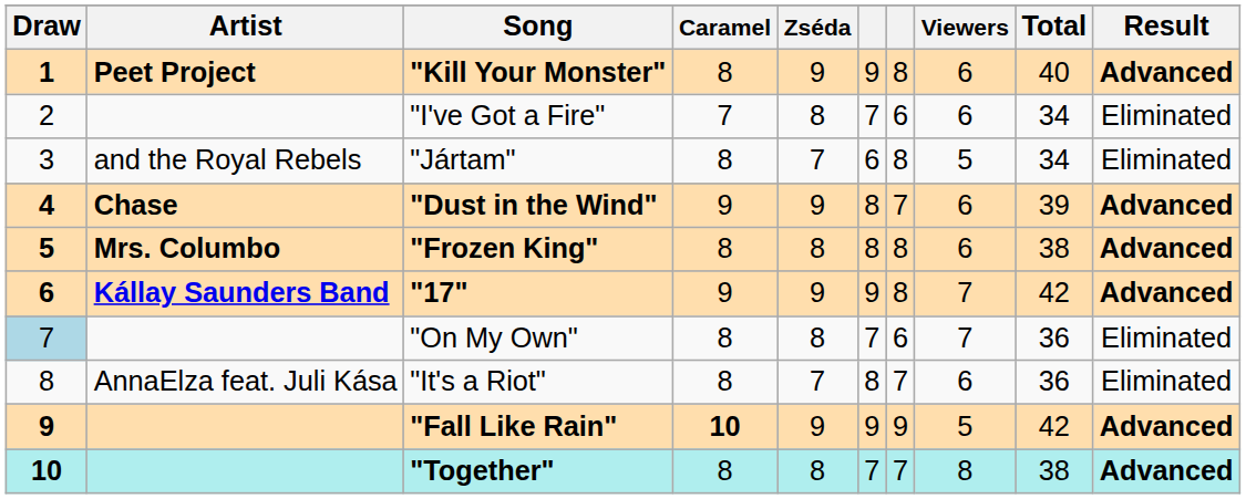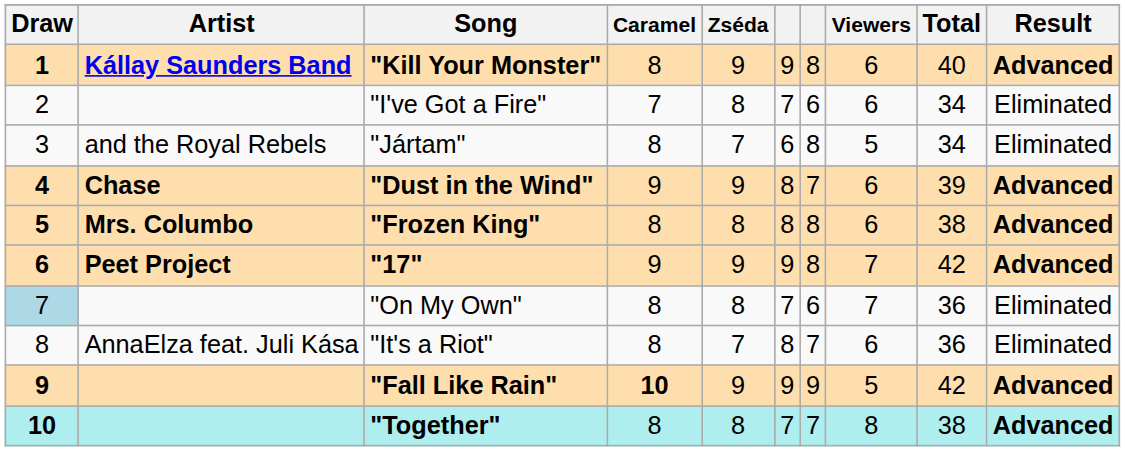 <table class="sortable wikitable" style="margin: 1em auto 1em auto; text-align:center">
 <tr>
 </tr>
 <tr>
 <th>Draw</th>
 <th>Artist</th>
 <th>Song</th>
 <th><small>Caramel</small></th>
 <th><small>Zséda</small></th>
 <th><small></small></th>
 <th><small></small></th>
 <th><small>Viewers</small></th>
 <th>Total</th>
 <th>Result</th>
 </tr>
 <tr style="background:navajowhite;">
 <td><strong>1</strong></td>
-<td align="left"><strong>Peet Project</strong></td>
+<td align="left"><strong><a href='#'>Kállay Saunders Band</a></strong></td>
 <td align="left"><strong>"Kill Your Monster"</strong></td>
 <td>8</td>
 <td>9</td>
 <td>9</td>
 <td>8</td>
 <td>6</td>
 <td>40</td>
 <td><strong>Advanced</strong></td>
 </tr>
 <tr>
 <td>2</td>
 <td align="left"></td>
 <td align="left">"I've Got a Fire"</td>
 <td>7</td>
 <td>8</td>
 <td>7</td>
 <td>6</td>
 <td>6</td>
 <td>34</td>
 <td>Eliminated</td>
 </tr>
 <tr>
 <td>3</td>
 <td align="left"> and the Royal Rebels</td>
 <td align="left">"Jártam"</td>
 <td>8</td>
 <td>7</td>
 <td>6</td>
 <td>8</td>
 <td>5</td>
 <td>34</td>
 <td>Eliminated</td>
 </tr>
 <tr style="background:navajowhite;">
 <td><strong>4</strong></td>
 <td align="left"><strong>Chase</strong></td>
 <td align="left"><strong>"Dust in the Wind"</strong></td>
 <td>9</td>
 <td>9</td>
 <td>8</td>
 <td>7</td>
 <td>6</td>
 <td>39</td>
 <td><strong>Advanced</strong></td>
 </tr>
 <tr style="background:navajowhite;">
 <td><strong>5</strong></td>
 <td align="left"><strong>Mrs. Columbo</strong></td>
 <td align="left"><strong>"Frozen King"</strong></td>
 <td>8</td>
 <td>8</td>
 <td>8</td>
 <td>8</td>
 <td>6</td>
 <td>38</td>
 <td><strong>Advanced</strong></td>
 </tr>
 <tr style="background:navajowhite;">
 <td><strong>6</strong></td>
-<td align="left"><strong><a href='#'>Kállay Saunders Band</a></strong></td>
+<td align="left"><strong>Peet Project</strong></td>
 <td align="left"><strong>"17"</strong></td>
 <td>9</td>
 <td>9</td>
 <td>9</td>
 <td>8</td>
 <td>7</td>
 <td>42</td>
 <td><strong>Advanced</strong></td>
 </tr>
 <tr>
 <td style="background: lightblue;">7</td>
 <td align="left"></td>
 <td align="left">"On My Own"</td>
 <td>8</td>
 <td>8</td>
 <td>7</td>
 <td>6</td>
 <td>7</td>
 <td>36</td>
 <td>Eliminated</td>
 </tr>
 <tr>
 <td>8</td>
 <td align="left">AnnaElza feat. Juli Kása</td>
 <td align="left">"It's a Riot"</td>
 <td>8</td>
 <td>7</td>
 <td>8</td>
 <td>7</td>
 <td>6</td>
 <td>36</td>
 <td>Eliminated</td>
 </tr>
 <tr style="background:navajowhite;">
 <td><strong>9</strong></td>
 <td align="left"><strong></strong></td>
 <td align="left"><strong>"Fall Like Rain"</strong></td>
 <td><strong>10</strong></td>
 <td>9</td>
 <td>9</td>
 <td>9</td>
 <td>5</td>
 <td>42</td>
 <td><strong>Advanced</strong></td>
 </tr>
 <tr style="background:paleturquoise;">
 <td><strong>10</strong></td>
 <td align="left"><strong></strong></td>
 <td align="left"><strong>"Together"</strong></td>
 <td>8</td>
 <td>8</td>
 <td>7</td>
 <td>7</td>
 <td>8</td>
 <td>38</td>
 <td><strong>Advanced</strong></td>
 </tr>
 </table>
